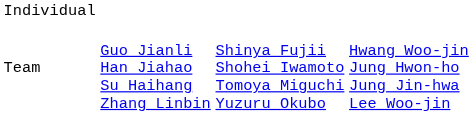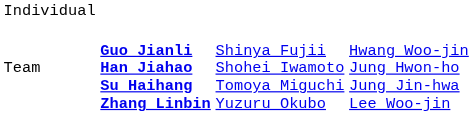 <table>
 <tr>
 <td>Individual<br></td>
 <td></td>
 <td></td>
 <td></td>
 </tr>
 <tr>
 <td>Team<br></td>
-<td><br><a href='#'>Guo Jianli</a><br><a href='#'>Han Jiahao</a><br><a href='#'>Su Haihang</a><br><a href='#'>Zhang Linbin</a></td>
+<td><strong><br><a href='#'>Guo Jianli</a><br><a href='#'>Han Jiahao</a><br><a href='#'>Su Haihang</a><br><a href='#'>Zhang Linbin</a></strong></td>
 <td><br><a href='#'>Shinya Fujii</a><br><a href='#'>Shohei Iwamoto</a><br><a href='#'>Tomoya Miguchi</a><br><a href='#'>Yuzuru Okubo</a></td>
 <td><br><a href='#'>Hwang Woo-jin</a><br><a href='#'>Jung Hwon-ho</a><br><a href='#'>Jung Jin-hwa</a><br><a href='#'>Lee Woo-jin</a></td>
 </tr>
 </table>
